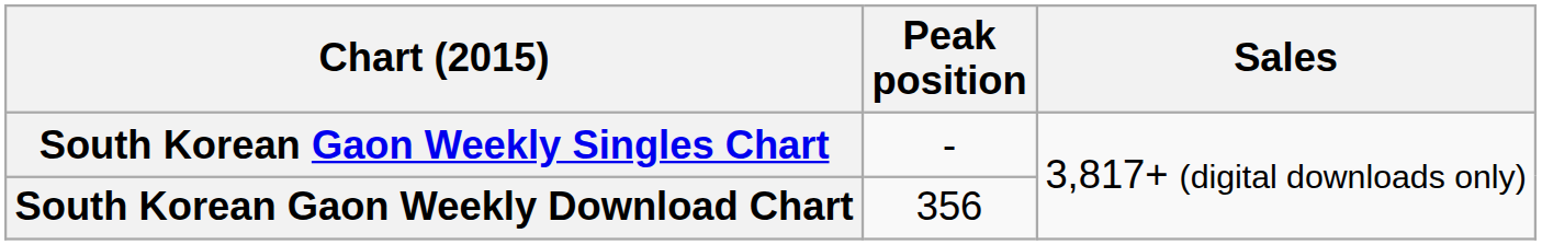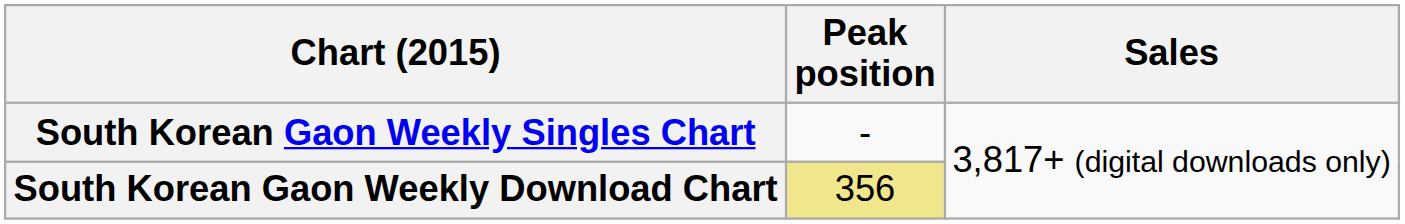 <table class="wikitable sortable plainrowheaders" style="text-align:center;">
 <tr>
 <th scope="col">Chart (2015)</th>
 <th scope="col">Peak<br>position</th>
 <th scope="col">Sales</th>
 </tr>
 <tr>
 <th scope="row">South Korean <a href='#'>Gaon Weekly Singles Chart</a></th>
 <td>-</td>
 <td rowspan="2">3,817+ <small>(digital downloads only)</small></td>
 </tr>
 <tr>
 <th scope="row">South Korean Gaon Weekly Download Chart</th>
-<td>356</td>
+<td style="background: khaki;">356</td>
 </tr>
 </table>
